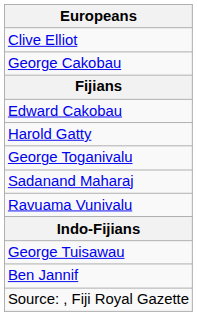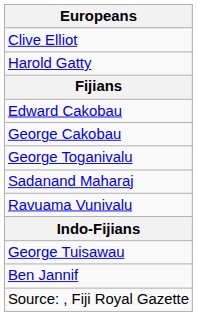 <table class=wikitable>
 <tr>
 <th>Europeans</th>
 </tr>
 <tr>
 <td><a href='#'>Clive Elliot</a></td>
 </tr>
 <tr>
-<td><a href='#'>George Cakobau</a></td>
+<td><a href='#'>Harold Gatty</a></td>
 </tr>
 <tr>
 <th>Fijians</th>
 </tr>
 <tr>
 <td><a href='#'>Edward Cakobau</a></td>
 </tr>
 <tr>
-<td><a href='#'>Harold Gatty</a></td>
+<td><a href='#'>George Cakobau</a></td>
 </tr>
 <tr>
 <td><a href='#'>George Toganivalu</a></td>
 </tr>
 <tr>
 <td><a href='#'>Sadanand Maharaj</a></td>
 </tr>
 <tr>
 <td><a href='#'>Ravuama Vunivalu</a></td>
 </tr>
 <tr>
 <th>Indo-Fijians</th>
 </tr>
 <tr>
 <td><a href='#'>George Tuisawau</a></td>
 </tr>
 <tr>
 <td><a href='#'>Ben Jannif</a></td>
 </tr>
 <tr>
 <td>Source: , Fiji Royal Gazette</td>
 </tr>
 </table>
